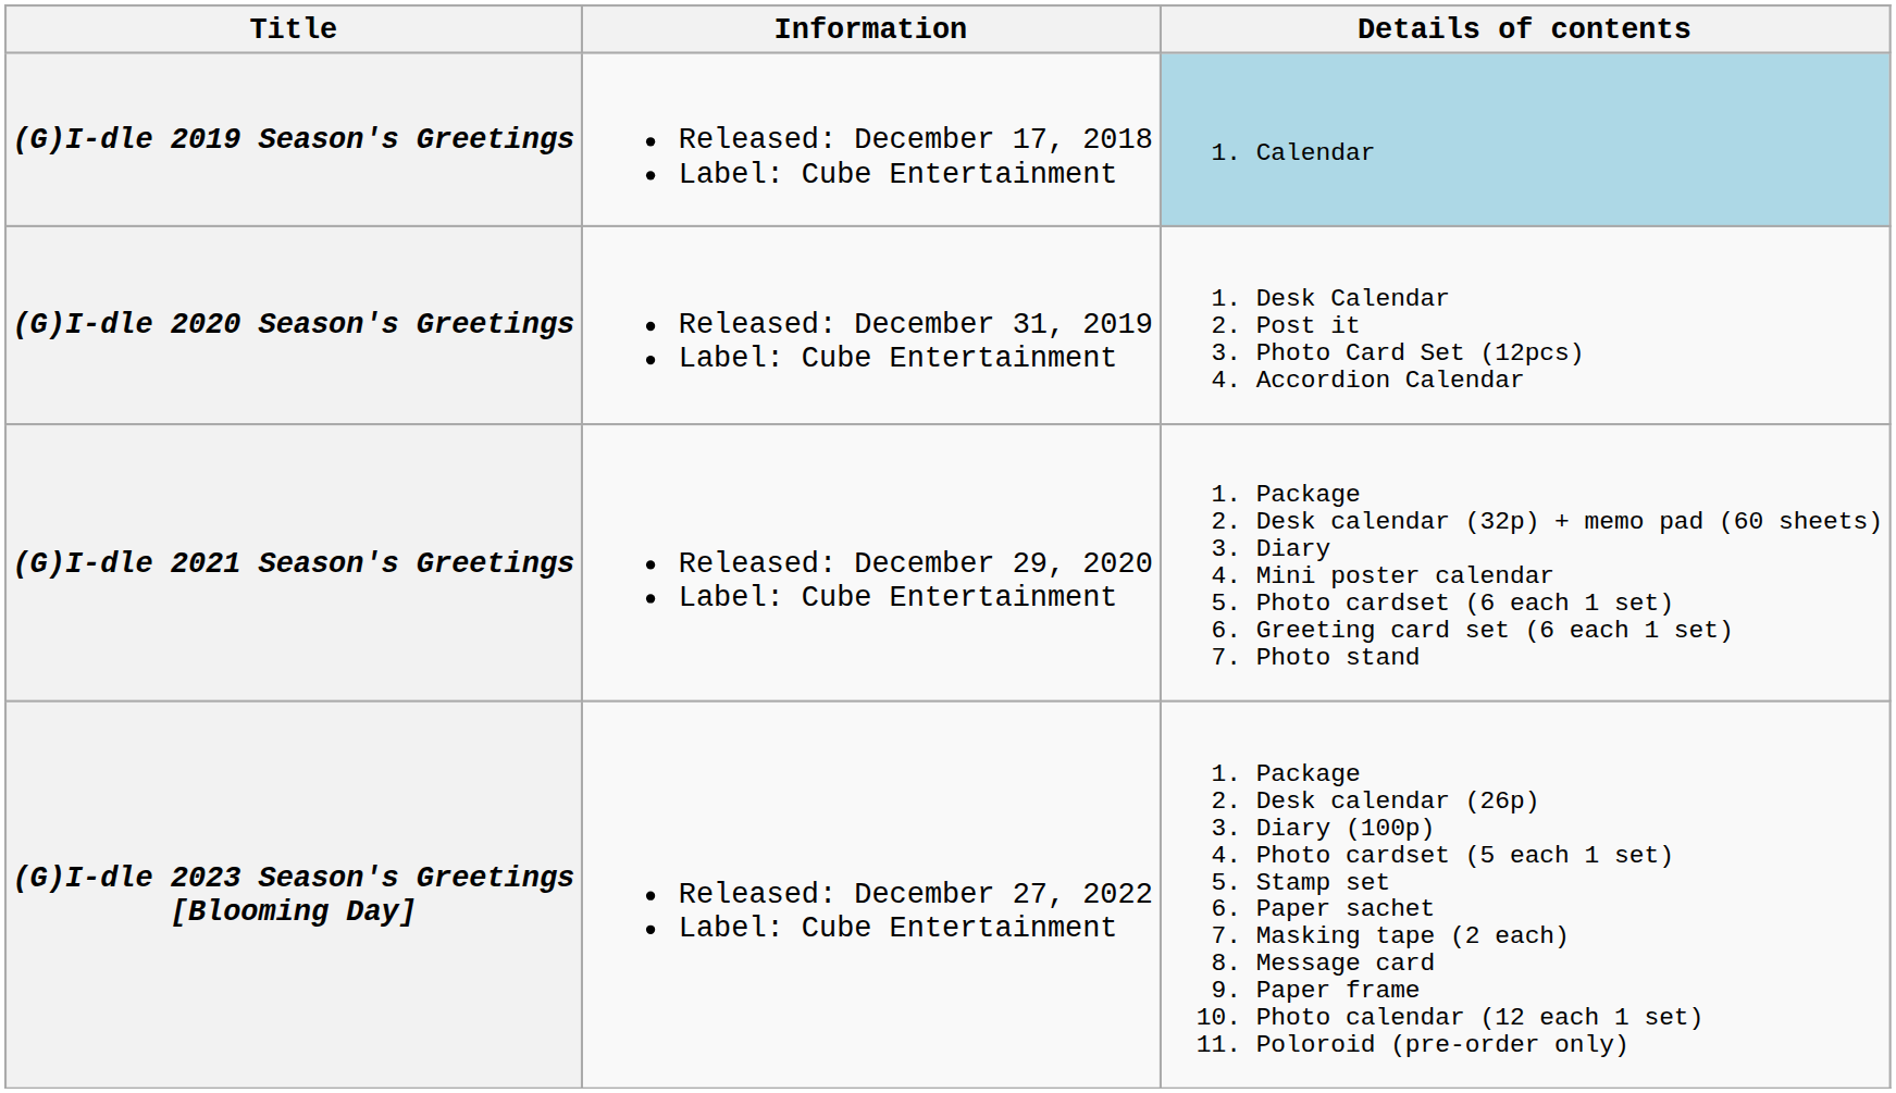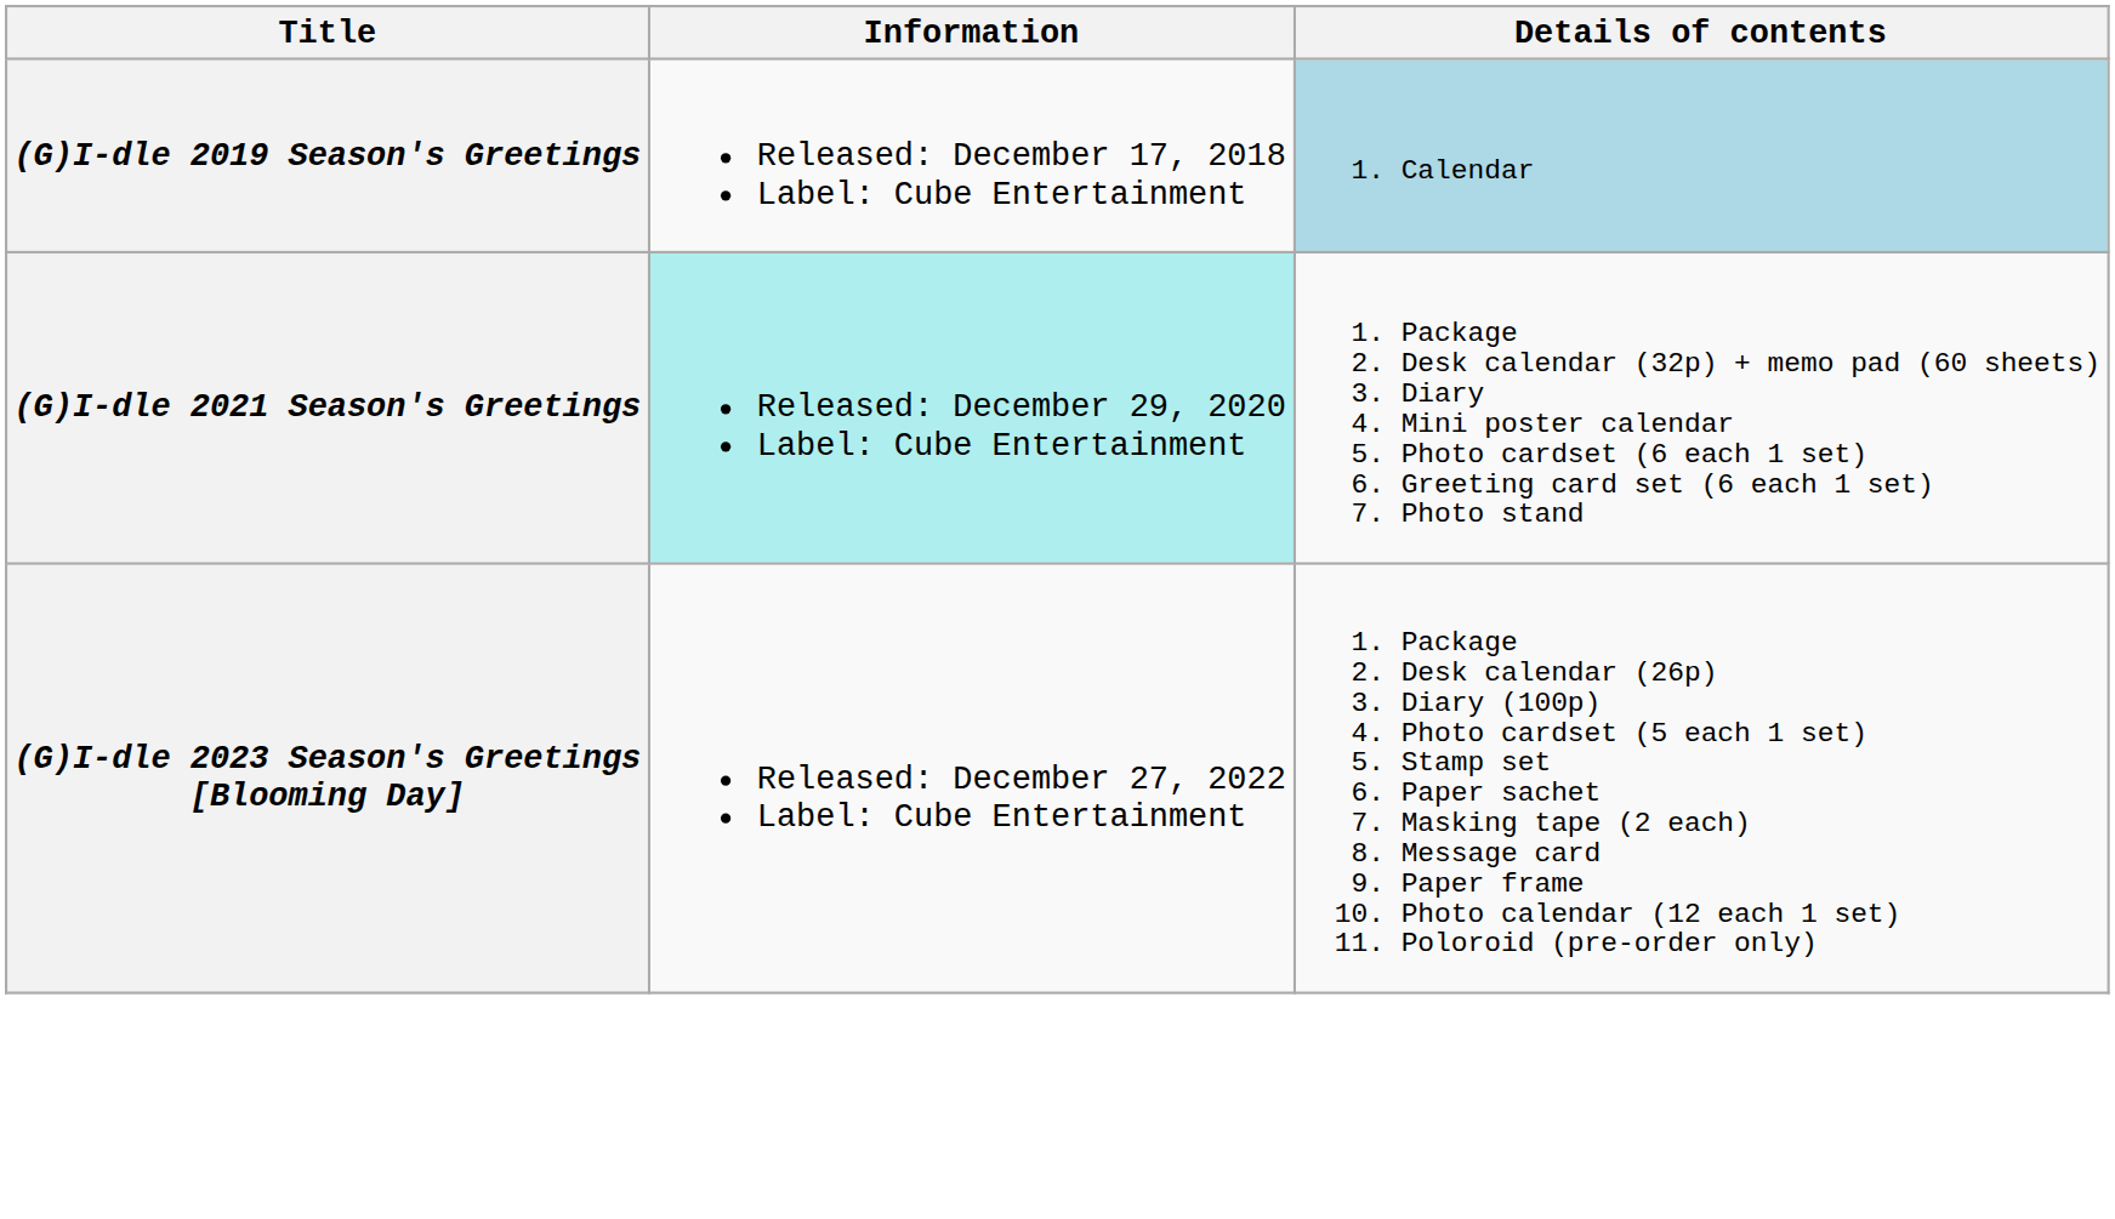 <table class="wikitable">
 <tr>
 <th scope="col">Title</th>
 <th>Information</th>
 <th>Details of contents</th>
 </tr>
 <tr>
 <th><em>(G)I-dle 2019 Season's Greetings</em></th>
 <td><br><ul><li>Released: December 17, 2018</li><li>Label: Cube Entertainment</li></ul></td>
 <td style="background: lightblue; font-size: 85%"><br><ol><li>Calendar</li></ol></td>
 </tr>
 <tr>
-<th><em>(G)I-dle 2020 Season's Greetings</em></th>
-<td><br><ul><li>Released: December 31, 2019</li><li>Label: Cube Entertainment</li></ul></td>
-<td style="font-size: 85%"><br><ol><li>Desk Calendar</li><li>Post it</li><li>Photo Card Set (12pcs)</li><li>Accordion Calendar</li></ol></td>
-</tr>
-<tr>
 <th><em>(G)I-dle 2021 Season's Greetings</em></th>
-<td><br><ul><li>Released: December 29, 2020</li><li>Label: Cube Entertainment</li></ul></td>
+<td style="background: paleturquoise;"><br><ul><li>Released: December 29, 2020</li><li>Label: Cube Entertainment</li></ul></td>
 <td style="font-size: 85%"><br><ol><li>Package</li><li>Desk calendar (32p) + memo pad (60 sheets)</li><li>Diary</li><li>Mini poster calendar</li><li>Photo cardset (6 each 1 set)</li><li>Greeting card set (6 each 1 set)</li><li>Photo stand</li></ol></td>
 </tr>
 <tr>
 <th><em>(G)I-dle 2023 Season's Greetings <br>[Blooming Day]</em></th>
 <td><br><ul><li>Released: December 27, 2022</li><li>Label: Cube Entertainment</li></ul></td>
 <td style="font-size: 85%"><br><ol><li>Package</li><li>Desk calendar (26p)</li><li>Diary (100p)</li><li>Photo cardset (5 each 1 set)</li><li>Stamp set</li><li>Paper sachet</li><li>Masking tape (2 each)</li><li>Message card</li><li>Paper frame</li><li>Photo calendar (12 each 1 set)</li><li>Poloroid (pre-order only)</li></ol></td>
 </tr>
 </table>
